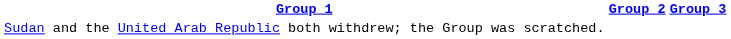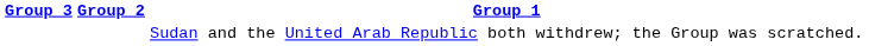 <table>
 <tr valign=top>
+<th align="center"><a href='#'>Group 3</a></th>
+<th align="center"><a href='#'>Group 2</a></th>
 <th align="center"><a href='#'>Group 1</a></th>
-<th align="center"><a href='#'>Group 2</a></th>
-<th align="center"><a href='#'>Group 3</a></th>
 </tr>
 <tr valign=top>
-<td align="left"><a href='#'>Sudan</a> and the <a href='#'>United Arab Republic</a> both withdrew; the Group was scratched.</td>
 <td align="left"></td>
 <td align="left"></td>
+<td align="left"><a href='#'>Sudan</a> and the <a href='#'>United Arab Republic</a> both withdrew; the Group was scratched.</td>
 </tr>
 </table>
